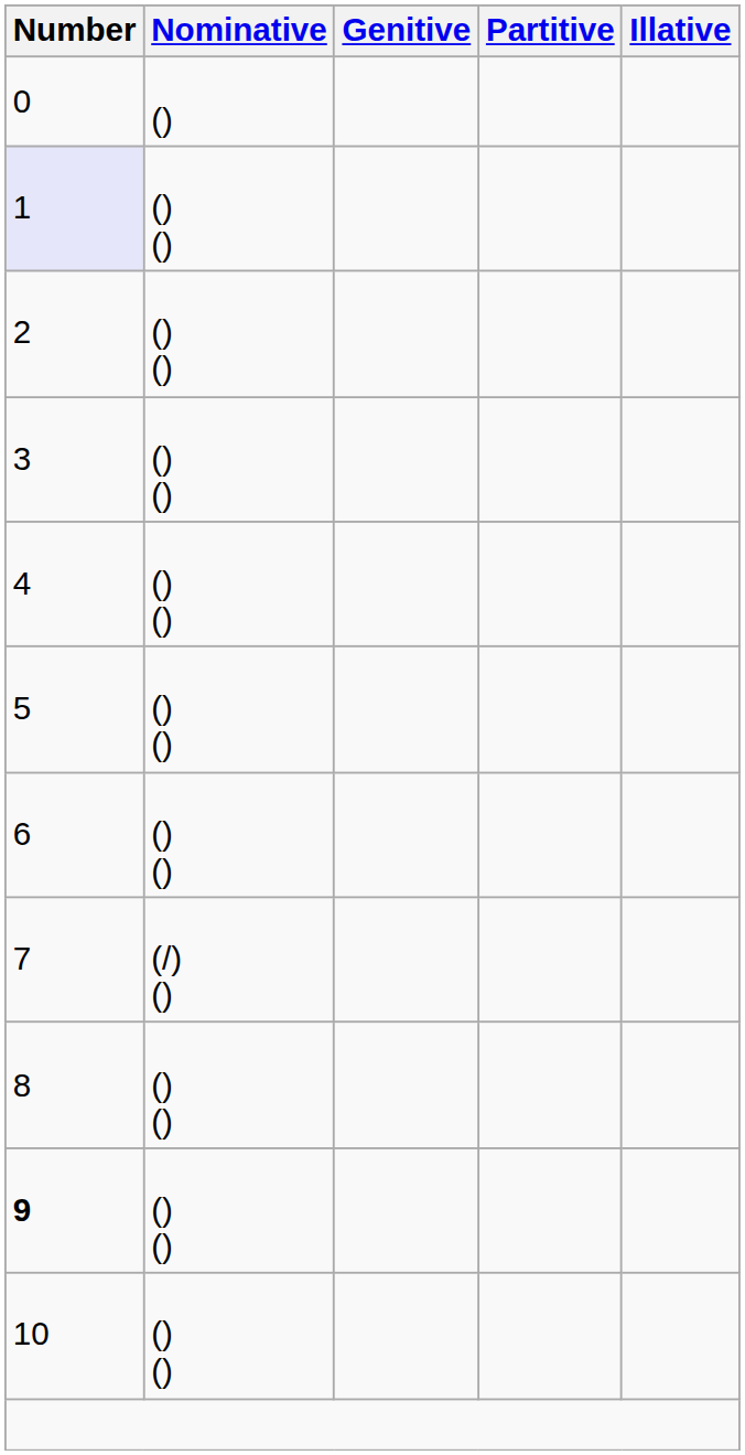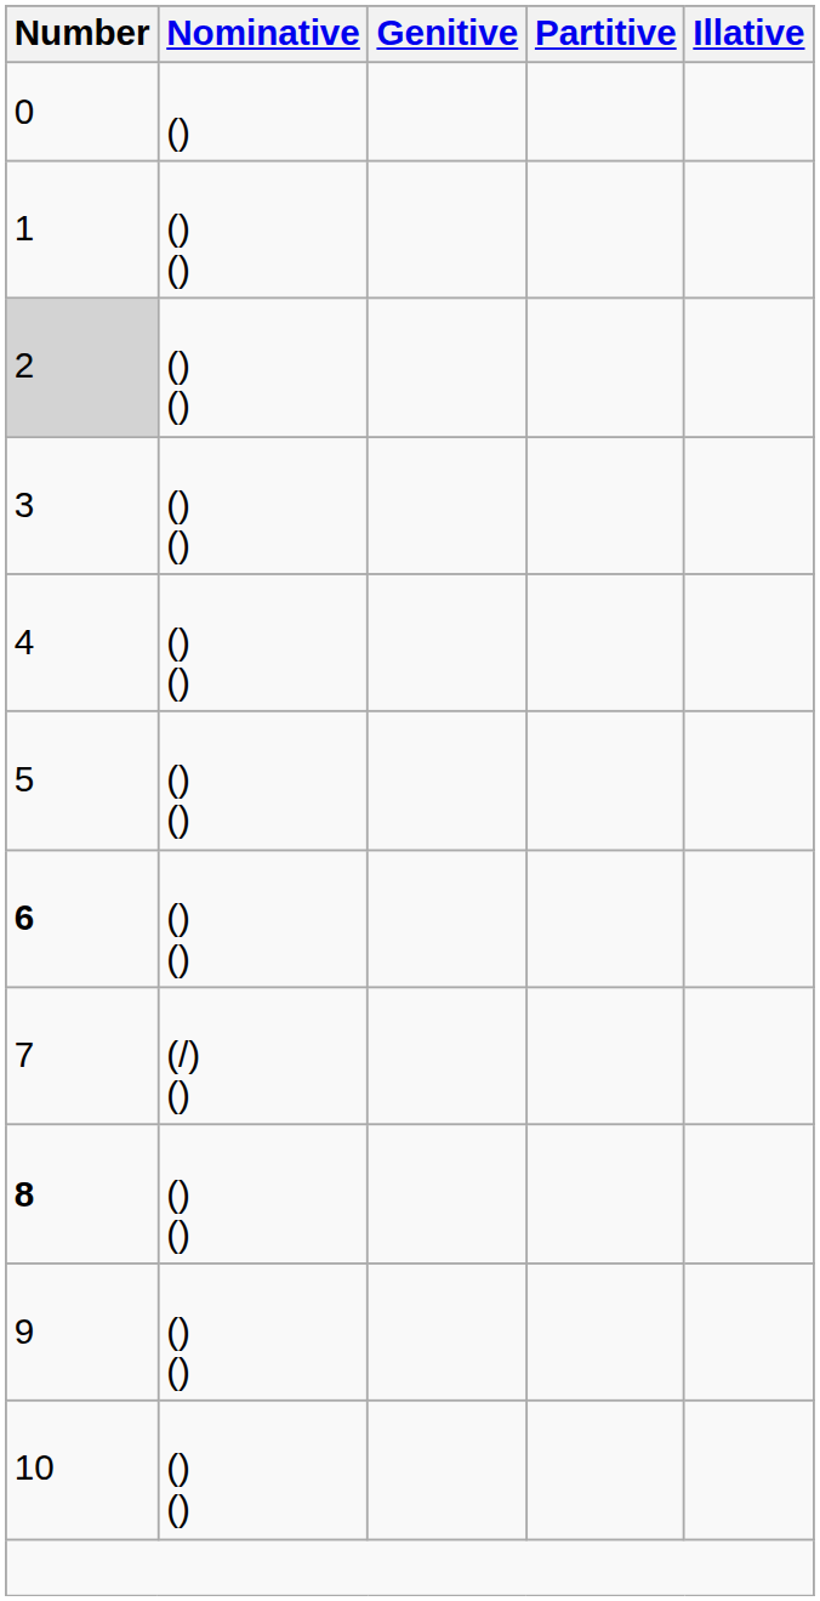 <table class="wikitable">
 <tr>
 <th>Number</th>
 <th><a href='#'>Nominative</a></th>
 <th><a href='#'>Genitive</a></th>
 <th><a href='#'>Partitive</a></th>
 <th><a href='#'>Illative</a></th>
 </tr>
 <tr>
 <td>0</td>
 <td><br>()</td>
 <td></td>
 <td></td>
 <td></td>
 </tr>
 <tr>
-<td style="background: lavender;">1</td>
+<td>1</td>
 <td><br>()<br>()</td>
 <td></td>
 <td></td>
 <td></td>
 </tr>
 <tr>
-<td>2</td>
+<td style="background: lightgrey;">2</td>
 <td><br>()<br>()</td>
 <td></td>
 <td></td>
 <td></td>
 </tr>
 <tr>
 <td>3</td>
 <td><br>()<br>()</td>
 <td></td>
 <td></td>
 <td></td>
 </tr>
 <tr>
 <td>4</td>
 <td><br>()<br>()</td>
 <td></td>
 <td></td>
 <td></td>
 </tr>
 <tr>
 <td>5</td>
 <td><br>()<br>()</td>
 <td></td>
 <td></td>
 <td></td>
 </tr>
 <tr>
-<td>6</td>
+<td><strong>6</strong></td>
 <td><br>()<br>()</td>
 <td></td>
 <td></td>
 <td></td>
 </tr>
 <tr>
 <td>7</td>
 <td><br>(/)<br>()</td>
 <td></td>
 <td> </td>
 <td></td>
 </tr>
 <tr>
-<td>8</td>
+<td><strong>8</strong></td>
 <td><br>()<br>()</td>
 <td></td>
 <td></td>
 <td></td>
 </tr>
 <tr>
-<td><strong>9</strong></td>
+<td>9</td>
 <td><br>()<br>()</td>
 <td></td>
 <td></td>
 <td></td>
 </tr>
 <tr>
 <td>10</td>
 <td><br>()<br>()</td>
 <td></td>
 <td></td>
 <td></td>
 </tr>
 <tr>
 <td style="text-align: left;" colspan=5><br></td>
 </tr>
 </table>
